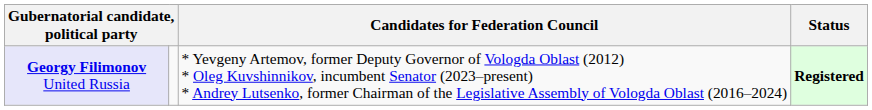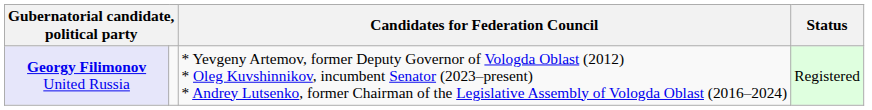 <table class="wikitable" style="text-align:center;">
 <tr>
 <th colspan="2">Gubernatorial candidate,<br>political party</th>
 <th>Candidates for Federation Council</th>
 <th>Status</th>
 </tr>
 <tr>
 <td style="background:lavender;"><strong><a href='#'>Georgy Filimonov</a></strong><br><a href='#'>United Russia</a></td>
 <td style="background-color:"></td>
 <td align=left>* Yevgeny Artemov, former Deputy Governor of <a href='#'>Vologda Oblast</a> (2012)<br> * <a href='#'>Oleg Kuvshinnikov</a>, incumbent <a href='#'>Senator</a> (2023–present)<br> * <a href='#'>Andrey Lutsenko</a>, former Chairman of the <a href='#'>Legislative Assembly of Vologda Oblast</a> (2016–2024)</td>
-<td bgcolor="#DFFFDF"><strong>Registered</strong></td>
+<td bgcolor="#DFFFDF">Registered</td>
 </tr>
 </table>
